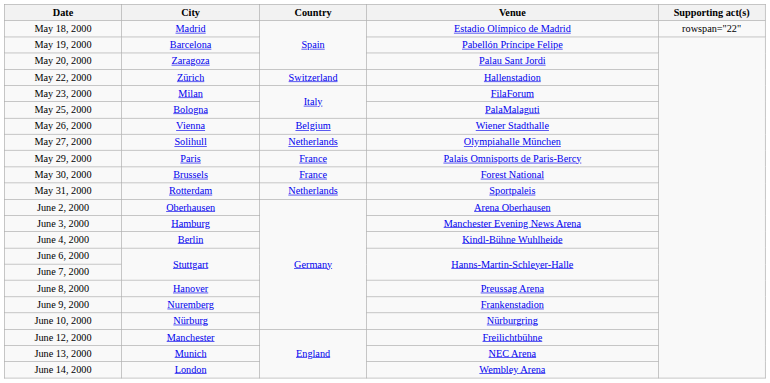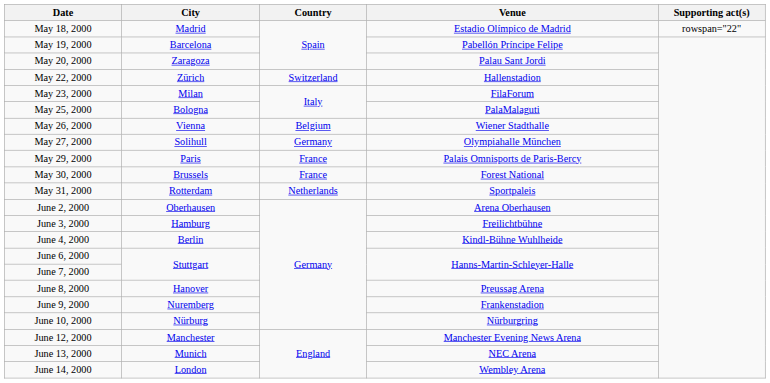 <table class="wikitable sortable plainrowheaders" style="text-align:center;">
 <tr>
 <th scope="col" style="width:11em;">Date</th>
 <th scope="col" style="width:13em;">City</th>
 <th scope="col" style="width:10em;">Country</th>
 <th scope="col" style="width:28em;">Venue</th>
 <th scope="col" style="width:10em;">Supporting act(s)</th>
 </tr>
 <tr>
 <td>May 18, 2000</td>
 <td><a href='#'>Madrid</a></td>
 <td rowspan="3"><a href='#'>Spain</a></td>
 <td><a href='#'>Estadio Olímpico de Madrid</a></td>
 <td>rowspan="22" </td>
 </tr>
 <tr>
 <td>May 19, 2000</td>
 <td><a href='#'>Barcelona</a></td>
 <td><a href='#'>Pabellón Príncipe Felipe</a></td>
 </tr>
 <tr>
 <td>May 20, 2000</td>
 <td><a href='#'>Zaragoza</a></td>
 <td><a href='#'>Palau Sant Jordi</a></td>
 </tr>
 <tr>
 <td>May 22, 2000</td>
 <td><a href='#'>Zürich</a></td>
 <td><a href='#'>Switzerland</a></td>
 <td><a href='#'>Hallenstadion</a></td>
 </tr>
 <tr>
 <td>May 23, 2000</td>
 <td><a href='#'>Milan</a></td>
 <td rowspan="2"><a href='#'>Italy</a></td>
 <td><a href='#'>FilaForum</a></td>
 </tr>
 <tr>
 <td>May 25, 2000</td>
 <td><a href='#'>Bologna</a></td>
 <td><a href='#'>PalaMalaguti</a></td>
 </tr>
 <tr>
 <td>May 26, 2000</td>
 <td><a href='#'>Vienna</a></td>
 <td><a href='#'>Belgium</a></td>
 <td><a href='#'>Wiener Stadthalle</a></td>
 </tr>
 <tr>
 <td>May 27, 2000</td>
 <td><a href='#'>Solihull</a></td>
-<td><a href='#'>Netherlands</a></td>
+<td><a href='#'>Germany</a></td>
 <td><a href='#'>Olympiahalle München</a></td>
 </tr>
 <tr>
 <td>May 29, 2000</td>
 <td><a href='#'>Paris</a></td>
 <td><a href='#'>France</a></td>
 <td><a href='#'>Palais Omnisports de Paris-Bercy</a></td>
 </tr>
 <tr>
 <td>May 30, 2000</td>
 <td><a href='#'>Brussels</a></td>
 <td><a href='#'>France</a></td>
 <td><a href='#'>Forest National</a></td>
 </tr>
 <tr>
 <td>May 31, 2000</td>
 <td><a href='#'>Rotterdam</a></td>
 <td><a href='#'>Netherlands</a></td>
 <td><a href='#'>Sportpaleis</a></td>
 </tr>
 <tr>
 <td>June 2, 2000</td>
 <td><a href='#'>Oberhausen</a></td>
 <td rowspan="8"><a href='#'>Germany</a></td>
 <td><a href='#'>Arena Oberhausen</a></td>
 </tr>
 <tr>
 <td>June 3, 2000</td>
 <td><a href='#'>Hamburg</a></td>
-<td><a href='#'>Manchester Evening News Arena</a></td>
+<td><a href='#'>Freilichtbühne</a></td>
 </tr>
 <tr>
 <td>June 4, 2000</td>
 <td><a href='#'>Berlin</a></td>
 <td><a href='#'>Kindl-Bühne Wuhlheide</a></td>
 </tr>
 <tr>
 <td>June 6, 2000</td>
 <td rowspan="2"><a href='#'>Stuttgart</a></td>
 <td rowspan="2"><a href='#'>Hanns-Martin-Schleyer-Halle</a></td>
 </tr>
 <tr>
 <td>June 7, 2000</td>
 </tr>
 <tr>
 <td>June 8, 2000</td>
 <td><a href='#'>Hanover</a></td>
 <td><a href='#'>Preussag Arena</a></td>
 </tr>
 <tr>
 <td>June 9, 2000</td>
 <td><a href='#'>Nuremberg</a></td>
 <td><a href='#'>Frankenstadion</a></td>
 </tr>
 <tr>
 <td>June 10, 2000</td>
 <td><a href='#'>Nürburg</a></td>
 <td><a href='#'>Nürburgring</a></td>
 </tr>
 <tr>
 <td>June 12, 2000</td>
 <td><a href='#'>Manchester</a></td>
 <td rowspan="3"><a href='#'>England</a></td>
-<td><a href='#'>Freilichtbühne</a></td>
+<td><a href='#'>Manchester Evening News Arena</a></td>
 </tr>
 <tr>
 <td>June 13, 2000</td>
 <td><a href='#'>Munich</a></td>
 <td><a href='#'>NEC Arena</a></td>
 </tr>
 <tr>
 <td>June 14, 2000</td>
 <td><a href='#'>London</a></td>
 <td><a href='#'>Wembley Arena</a></td>
 </tr>
 </table>
